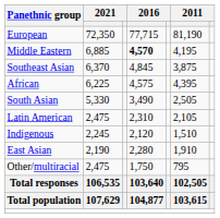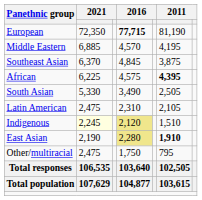 <table class="wikitable collapsible sortable">
 <tr>
 <th rowspan="2"><a href='#'>Panethnic</a> group</th>
 <th colspan="2">2021</th>
 <th colspan="2">2016</th>
 <th colspan="2">2011</th>
 </tr>
 <tr>
 <th><a href='#'></a></th>
 <th></th>
 <th></th>
 <th></th>
 <th></th>
 <th></th>
 </tr>
 <tr>
 <td><a href='#'>European</a></td>
 <td>72,350</td>
 <td></td>
-<td>77,715</td>
+<td><strong>77,715</strong></td>
 <td></td>
 <td>81,190</td>
 <td></td>
 </tr>
 <tr>
 <td><a href='#'>Middle Eastern</a></td>
 <td>6,885</td>
 <td></td>
-<td><strong>4,570</strong></td>
+<td>4,570</td>
 <td></td>
 <td>4,195</td>
 <td></td>
 </tr>
 <tr>
 <td><a href='#'>Southeast Asian</a></td>
 <td>6,370</td>
 <td></td>
 <td>4,845</td>
 <td></td>
 <td>3,875</td>
 <td></td>
 </tr>
 <tr>
 <td><a href='#'>African</a></td>
 <td>6,225</td>
 <td></td>
 <td>4,575</td>
 <td></td>
-<td>4,395</td>
+<td><strong>4,395</strong></td>
 <td></td>
 </tr>
 <tr>
 <td><a href='#'>South Asian</a></td>
 <td>5,330</td>
 <td></td>
 <td>3,490</td>
 <td></td>
 <td>2,505</td>
 <td></td>
 </tr>
 <tr>
 <td><a href='#'>Latin American</a></td>
 <td>2,475</td>
 <td></td>
 <td>2,310</td>
 <td></td>
 <td>2,105</td>
 <td></td>
 </tr>
 <tr>
 <td><a href='#'>Indigenous</a></td>
-<td>2,245</td>
+<td style="background: lightyellow;">2,245</td>
 <td></td>
-<td>2,120</td>
+<td style="background: khaki;">2,120</td>
 <td></td>
 <td>1,510</td>
 <td></td>
 </tr>
 <tr>
 <td><a href='#'>East Asian</a></td>
 <td>2,190</td>
 <td></td>
-<td>2,280</td>
+<td style="background: khaki;">2,280</td>
 <td></td>
-<td>1,910</td>
+<td><strong>1,910</strong></td>
 <td></td>
 </tr>
 <tr>
 <td>Other/<a href='#'>multiracial</a></td>
 <td>2,475</td>
 <td></td>
 <td>1,750</td>
 <td></td>
 <td>795</td>
 <td></td>
 </tr>
 <tr>
 <th>Total responses</th>
 <th>106,535</th>
 <th></th>
 <th>103,640</th>
 <th></th>
 <th>102,505</th>
 <th></th>
 </tr>
 <tr class="sortbottom">
 <th>Total population</th>
 <th>107,629</th>
 <th></th>
 <th>104,877</th>
 <th></th>
 <th>103,615</th>
 <th></th>
 </tr>
 <tr class="sortbottom">
 <td colspan="15"></td>
 </tr>
 </table>
